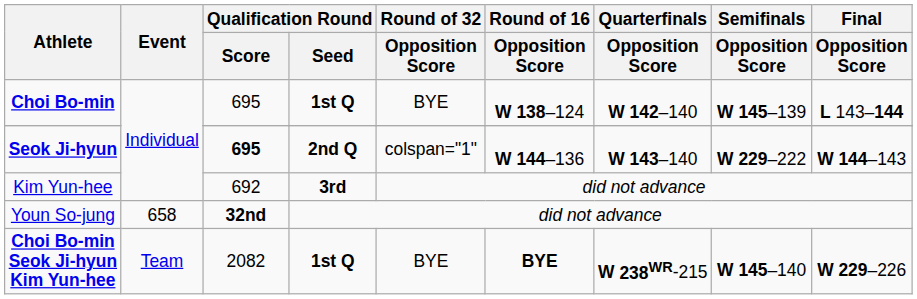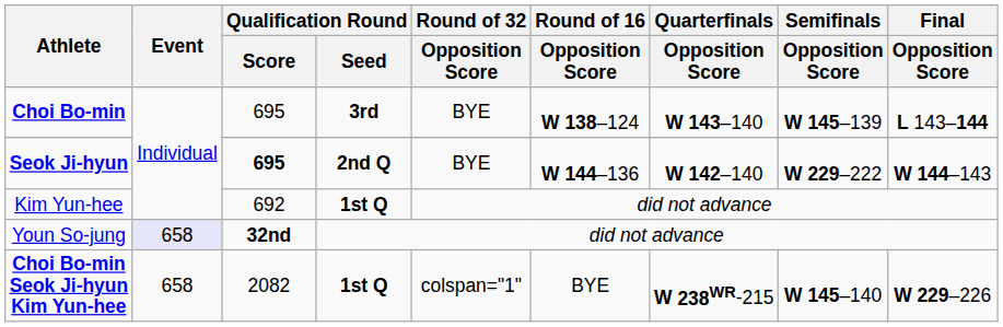 <table class="wikitable" style="font-size:90%; text-align:center;">
 <tr>
 <th rowspan="2">Athlete</th>
 <th rowspan="2">Event</th>
 <th colspan="2">Qualification Round</th>
 <th>Round of 32</th>
 <th>Round of 16</th>
 <th>Quarterfinals</th>
 <th>Semifinals</th>
 <th>Final</th>
 </tr>
 <tr>
 <th>Score</th>
 <th>Seed</th>
 <th>Opposition<br>Score</th>
 <th>Opposition<br>Score</th>
 <th>Opposition<br>Score</th>
 <th>Opposition<br>Score</th>
 <th>Opposition<br>Score</th>
 </tr>
 <tr>
 <td><strong><a href='#'>Choi Bo-min</a></strong></td>
 <td rowspan=4><a href='#'>Individual</a></td>
 <td align=center>695</td>
-<td align=center><strong>1st Q</strong></td>
+<td align=center><strong>3rd</strong></td>
 <td align=center>BYE</td>
 <td align=center><br><strong>W</strong> <strong>138</strong>–124</td>
-<td align=center><br><strong>W</strong> <strong>142</strong>–140</td>
+<td align=center><br><strong>W</strong> <strong>143</strong>–140</td>
 <td align=center><br><strong>W</strong> <strong>145</strong>–139</td>
 <td align=center><br><strong>L</strong> 143–<strong>144</strong><br></td>
 </tr>
 <tr>
 </tr>
 <tr>
 <td><strong><a href='#'>Seok Ji-hyun</a></strong></td>
 <td align=center><strong>695</strong></td>
 <td align=center><strong>2nd Q</strong></td>
-<td>colspan="1" </td>
+<td align=center>BYE</td>
 <td align=center><br><strong>W</strong> <strong>144</strong>–136</td>
-<td align=center><br><strong>W</strong> <strong>143</strong>–140</td>
+<td align=center><br><strong>W</strong> <strong>142</strong>–140</td>
 <td align=center><br><strong>W</strong> <strong>229</strong>–222</td>
 <td align=center><br><strong>W</strong> <strong>144</strong>–143<br></td>
 </tr>
 <tr>
 <td><a href='#'>Kim Yun-hee</a></td>
 <td align=center>692</td>
-<td align=center><strong>3rd</strong></td>
+<td align=center><strong>1st Q</strong></td>
 <td align=center colspan="6"><em>did not advance</em></td>
 </tr>
 <tr>
 <td><a href='#'>Youn So-jung</a></td>
-<td align=center>658</td>
+<td align=center style="background: lavender;">658</td>
 <td align=center><strong>32nd</strong></td>
 <td align=center colspan="6"><em>did not advance</em></td>
 </tr>
 <tr>
 <td><strong><a href='#'>Choi Bo-min</a><br><a href='#'>Seok Ji-hyun</a><br><a href='#'>Kim Yun-hee</a></strong></td>
-<td align=center><a href='#'>Team</a></td>
+<td align=center>658</td>
 <td align=center>2082</td>
 <td align=center><strong>1st Q</strong></td>
+<td>colspan="1" </td>
 <td align=center>BYE</td>
-<td align=center><strong>BYE</strong></td>
 <td align=center><br><strong>W</strong> <strong>238<sup>WR</sup></strong>-215</td>
 <td align=center><br><strong>W</strong> <strong>145</strong>–140</td>
 <td align=center><br><strong>W</strong> <strong>229</strong>–226<br></td>
 </tr>
 </table>
